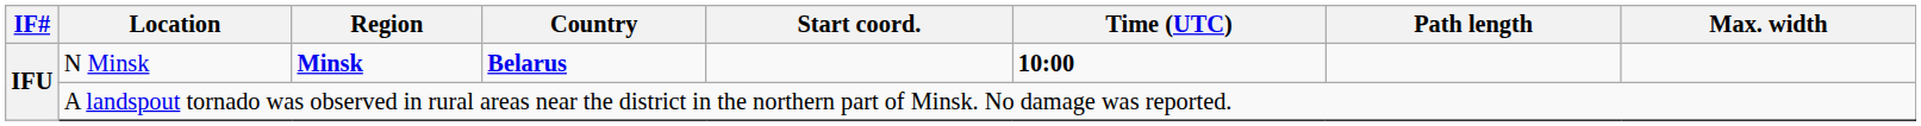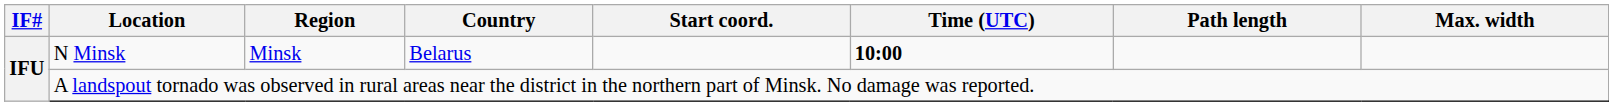 <table class="wikitable sortable" style="width:100%;">
 <tr>
 <th scope="col" width="2%" align="center"><a href='#'>IF#</a></th>
 <th scope="col" align="center" class="unsortable">Location</th>
 <th scope="col" align="center" class="unsortable">Region</th>
 <th scope="col" align="center">Country</th>
 <th scope="col" align="center">Start coord.</th>
 <th scope="col" align="center">Time (<a href='#'>UTC</a>)</th>
 <th scope="col" align="center">Path length</th>
 <th scope="col" align="center">Max. width</th>
 </tr>
 <tr>
 <th scope="row" rowspan="2" style="background-color:#">IFU</th>
 <td>N <a href='#'>Minsk</a></td>
-<td><strong><a href='#'>Minsk</a></strong></td>
-<td><strong><a href='#'>Belarus</a></strong></td>
+<td><a href='#'>Minsk</a></td>
+<td><a href='#'>Belarus</a></td>
 <td></td>
 <td><strong>10:00</strong></td>
 <td></td>
 <td></td>
 </tr>
 <tr class="expand-child">
 <td colspan="8" style=" border-bottom: 1px solid black;">A <a href='#'>landspout</a> tornado was observed in rural areas near the  district in the northern part of Minsk. No damage was reported.</td>
 </tr>
 </table>
